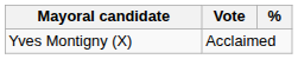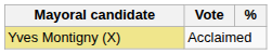 <table class="wikitable">
 <tr>
 <th bgcolor="#DDDDFF" width="200px">Mayoral candidate</th>
 <th bgcolor="#DDDDFF" width="50px">Vote</th>
 <th bgcolor="#DDDDFF" width="30px">%</th>
 </tr>
 <tr>
-<td>Yves Montigny (X)</td>
+<td style="background: khaki;">Yves Montigny (X)</td>
 <td colspan="2">Acclaimed</td>
 </tr>
 </table>
